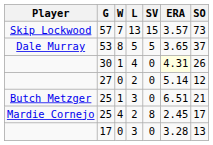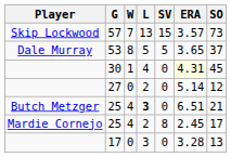 <table class="wikitable sortable">
 <tr>
 <th>Player</th>
 <th>G</th>
 <th>W</th>
 <th>L</th>
 <th>SV</th>
 <th>ERA</th>
 <th>SO</th>
 </tr>
 <tr style="text-align:center;">
 <td><a href='#'>Skip Lockwood</a></td>
 <td>57</td>
 <td>7</td>
 <td>13</td>
 <td>15</td>
 <td>3.57</td>
 <td>73</td>
 </tr>
 <tr align=center>
 <td><a href='#'>Dale Murray</a></td>
 <td>53</td>
 <td>8</td>
 <td>5</td>
 <td>5</td>
 <td>3.65</td>
 <td>37</td>
 </tr>
 <tr align=center>
 <td></td>
 <td>30</td>
 <td>1</td>
 <td>4</td>
 <td>0</td>
 <td style="background: lightyellow;">4.31</td>
-<td>26</td>
+<td>45</td>
 </tr>
 <tr style="text-align:center;">
 <td></td>
 <td>27</td>
 <td>0</td>
 <td>2</td>
 <td>0</td>
 <td>5.14</td>
 <td>12</td>
 </tr>
 <tr style="text-align:center;">
 <td><a href='#'>Butch Metzger</a></td>
 <td>25</td>
-<td>1</td>
-<td>3</td>
+<td>4</td>
+<td><strong>3</strong></td>
 <td>0</td>
 <td>6.51</td>
 <td>21</td>
 </tr>
 <tr align=center>
 <td><a href='#'>Mardie Cornejo</a></td>
 <td>25</td>
 <td>4</td>
 <td>2</td>
 <td>8</td>
 <td>2.45</td>
 <td>17</td>
 </tr>
 <tr align=center>
 <td></td>
 <td>17</td>
 <td>0</td>
 <td>3</td>
 <td>0</td>
 <td>3.28</td>
 <td>13</td>
 </tr>
 </table>
